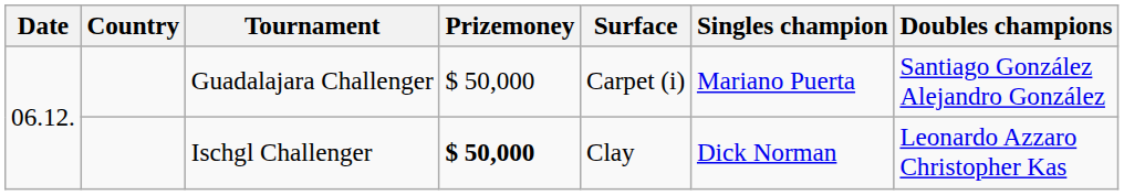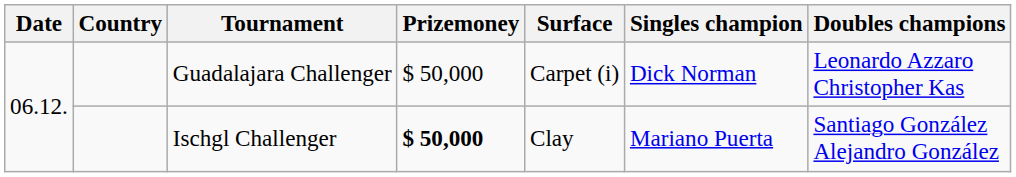 <table class="sortable wikitable" style=font-size:97%>
 <tr>
 <th>Date</th>
 <th>Country</th>
 <th>Tournament</th>
 <th>Prizemoney</th>
 <th>Surface</th>
 <th>Singles champion</th>
 <th>Doubles champions</th>
 </tr>
 <tr>
 <td rowspan="2">06.12.</td>
 <td></td>
 <td>Guadalajara Challenger</td>
 <td>$ 50,000</td>
 <td>Carpet (i)</td>
-<td> <a href='#'>Mariano Puerta</a></td>
-<td> <a href='#'>Santiago González</a> <br> <a href='#'>Alejandro González</a></td>
+<td> <a href='#'>Dick Norman</a></td>
+<td> <a href='#'>Leonardo Azzaro</a><br> <a href='#'>Christopher Kas</a></td>
 </tr>
 <tr>
 <td></td>
 <td>Ischgl Challenger</td>
 <td><strong>$ 50,000</strong></td>
 <td>Clay</td>
-<td> <a href='#'>Dick Norman</a></td>
-<td> <a href='#'>Leonardo Azzaro</a><br> <a href='#'>Christopher Kas</a></td>
+<td> <a href='#'>Mariano Puerta</a></td>
+<td> <a href='#'>Santiago González</a> <br> <a href='#'>Alejandro González</a></td>
 </tr>
 </table>
